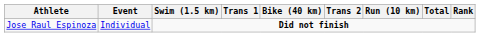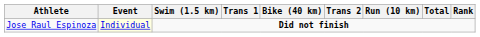 <table class="wikitable" style="font-size:90%">
 <tr>
 <th>Athlete</th>
 <th>Event</th>
 <th>Swim (1.5 km)</th>
 <th>Trans 1</th>
 <th>Bike (40 km)</th>
 <th>Trans 2</th>
 <th>Run (10 km)</th>
 <th>Total</th>
 <th>Rank</th>
 </tr>
 <tr>
 <td><a href='#'>Jose Raul Espinoza</a></td>
-<td><a href='#'>Individual</a></td>
+<td style="background: lightyellow;"><a href='#'>Individual</a></td>
 <td align=center colspan="7"><strong>Did not finish</strong></td>
 </tr>
 </table>
